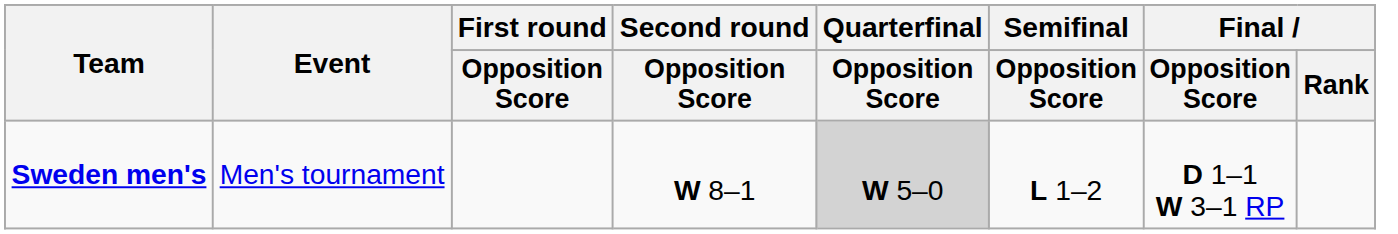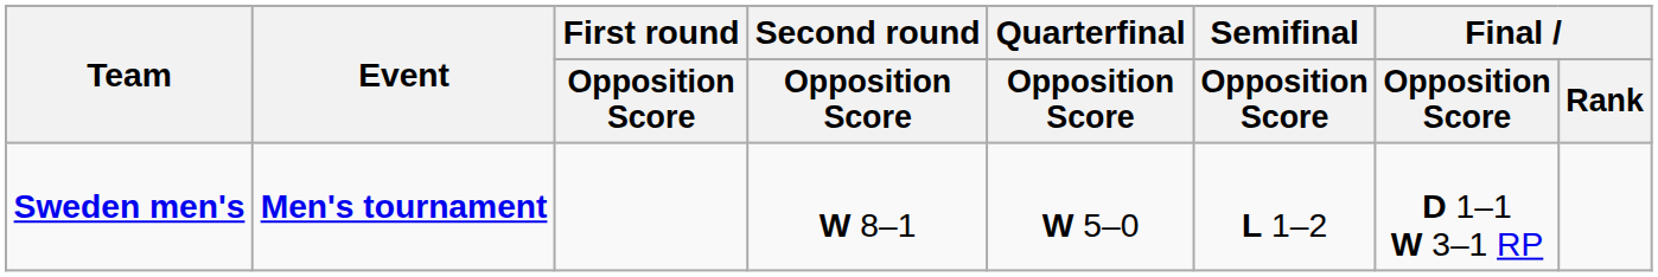 <table class="wikitable" style="font-size:90%">
 <tr>
 <th rowspan=2>Team</th>
 <th rowspan=2>Event</th>
 <th>First round</th>
 <th>Second round</th>
 <th>Quarterfinal</th>
 <th>Semifinal</th>
 <th colspan=2>Final / </th>
 </tr>
 <tr style="font-size:95%">
 <th>Opposition<br>Score</th>
 <th>Opposition<br>Score</th>
 <th>Opposition<br>Score</th>
 <th>Opposition<br>Score</th>
 <th>Opposition<br>Score</th>
 <th>Rank</th>
 </tr>
 <tr align=center>
 <td align=left><strong><a href='#'>Sweden men's</a></strong></td>
-<td align=left><a href='#'>Men's tournament</a></td>
+<td align=left><strong><a href='#'>Men's tournament</a></strong></td>
 <td></td>
 <td><br><strong>W</strong> 8–1</td>
-<td style="background: lightgrey;"><br><strong>W</strong> 5–0</td>
+<td><br><strong>W</strong> 5–0</td>
 <td><br><strong>L</strong> 1–2</td>
 <td><br><strong>D</strong> 1–1<br><strong>W</strong> 3–1 <a href='#'>RP</a></td>
 <td></td>
 </tr>
 </table>
